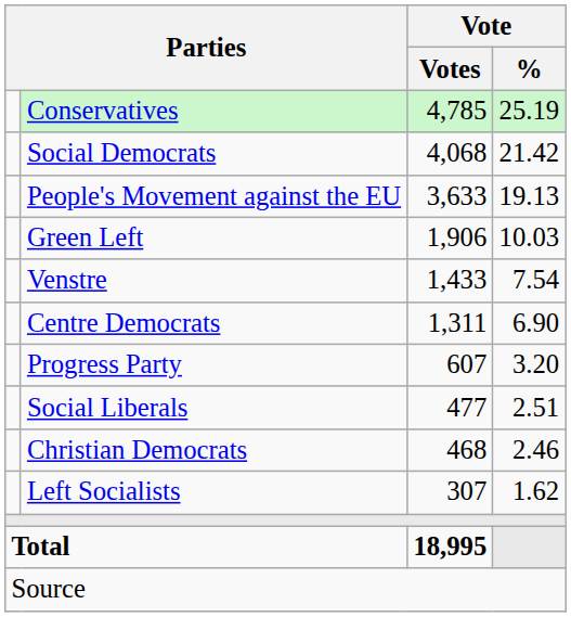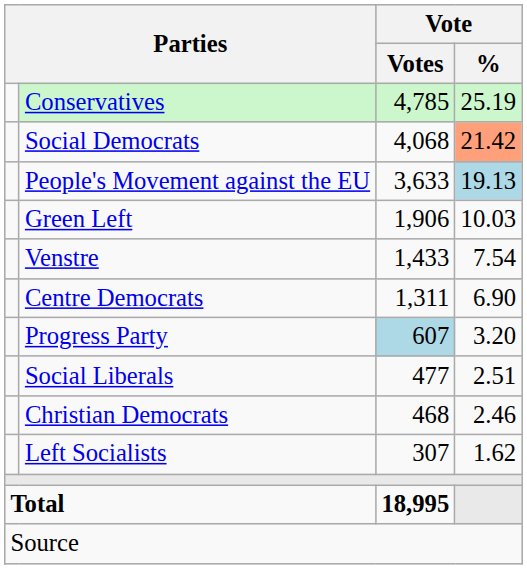 <table class="wikitable" style="text-align:right;">
 <tr>
 <th style="text-align:centre;" rowspan="2" colspan="2" width="225">Parties</th>
 <th colspan="3">Vote</th>
 </tr>
 <tr>
 <th width="15">Votes</th>
 <th width="15">%</th>
 </tr>
 <tr>
 <td width="2" style="color:inherit;background:"></td>
 <td bgcolor=#ccf7cc   align="left"><a href='#'>Conservatives</a></td>
 <td bgcolor=#ccf7cc>4,785</td>
 <td bgcolor=#ccf7cc>25.19</td>
 </tr>
 <tr>
 <td width="2" style="color:inherit;background:"></td>
 <td align="left"><a href='#'>Social Democrats</a></td>
 <td>4,068</td>
-<td>21.42</td>
+<td style="background: lightsalmon;">21.42</td>
 </tr>
 <tr>
 <td width="2" style="color:inherit;background:"></td>
 <td align="left"><a href='#'>People's Movement against the EU</a></td>
 <td>3,633</td>
-<td>19.13</td>
+<td style="background: lightblue;">19.13</td>
 </tr>
 <tr>
 <td width="2" style="color:inherit;background:"></td>
 <td align="left"><a href='#'>Green Left</a></td>
 <td>1,906</td>
 <td>10.03</td>
 </tr>
 <tr>
 <td width="2" style="color:inherit;background:"></td>
 <td align="left"><a href='#'>Venstre</a></td>
 <td>1,433</td>
 <td>7.54</td>
 </tr>
 <tr>
 <td width="2" style="color:inherit;background:"></td>
 <td align="left"><a href='#'>Centre Democrats</a></td>
 <td>1,311</td>
 <td>6.90</td>
 </tr>
 <tr>
 <td width="2" style="color:inherit;background:"></td>
 <td align="left"><a href='#'>Progress Party</a></td>
-<td>607</td>
+<td style="background: lightblue;">607</td>
 <td>3.20</td>
 </tr>
 <tr>
 <td width="2" style="color:inherit;background:"></td>
 <td align="left"><a href='#'>Social Liberals</a></td>
 <td>477</td>
 <td>2.51</td>
 </tr>
 <tr>
 <td width="2" style="color:inherit;background:"></td>
 <td align="left"><a href='#'>Christian Democrats</a></td>
 <td>468</td>
 <td>2.46</td>
 </tr>
 <tr>
 <td width="2" style="color:inherit;background:"></td>
 <td align="left"><a href='#'>Left Socialists</a></td>
 <td>307</td>
 <td>1.62</td>
 </tr>
 <tr>
 <td colspan="7" bgcolor="#E9E9E9"></td>
 </tr>
 <tr>
 <td align="left" colspan="2"><strong>Total</strong></td>
 <td><strong>18,995</strong></td>
 <td bgcolor="#E9E9E9" colspan="2"></td>
 </tr>
 <tr>
 <td align="left" colspan="6">Source</td>
 </tr>
 </table>
